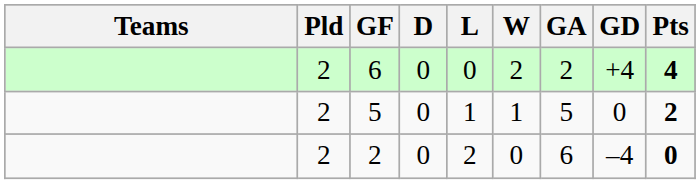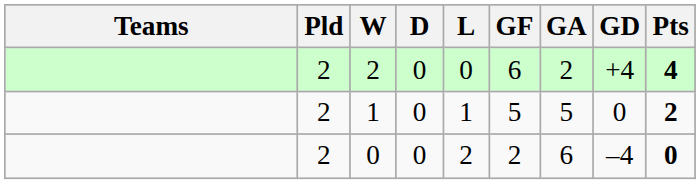 <table class="wikitable" style="text-align: center;">
 <tr>
 <th width=165>Teams</th>
 <th width=20>Pld</th>
-<th width=20>GF</th>
+<th width=20>W</th>
 <th width=20>D</th>
 <th width=20>L</th>
-<th width=20>W</th>
+<th width=20>GF</th>
 <th width=20>GA</th>
 <th width=20>GD</th>
 <th width=20>Pts</th>
 </tr>
 <tr align=center style="background:#ccffcc;">
 <td style="text-align:left;"></td>
 <td>2</td>
-<td>6</td>
+<td>2</td>
 <td>0</td>
 <td>0</td>
-<td>2</td>
+<td>6</td>
 <td>2</td>
 <td>+4</td>
 <td><strong>4</strong></td>
 </tr>
 <tr align=center>
 <td style="text-align:left;"></td>
 <td>2</td>
-<td>5</td>
+<td>1</td>
 <td>0</td>
 <td>1</td>
-<td>1</td>
+<td>5</td>
 <td>5</td>
 <td>0</td>
 <td><strong>2</strong></td>
 </tr>
 <tr align=center>
 <td style="text-align:left;"></td>
 <td>2</td>
-<td>2</td>
+<td>0</td>
 <td>0</td>
 <td>2</td>
-<td>0</td>
+<td>2</td>
 <td>6</td>
 <td>–4</td>
 <td><strong>0</strong></td>
 </tr>
 </table>
